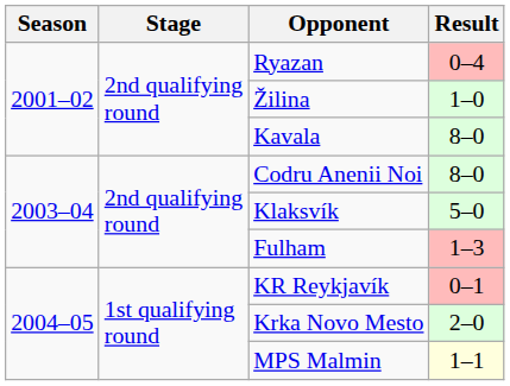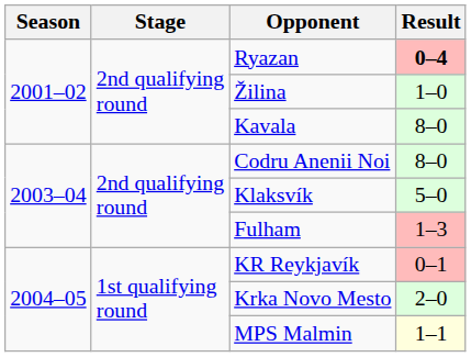 <table class="wikitable">
 <tr>
 <th>Season</th>
 <th>Stage</th>
 <th>Opponent</th>
 <th>Result</th>
 </tr>
 <tr>
 <td rowspan=3><a href='#'>2001–02</a></td>
 <td rowspan=3><a href='#'>2nd qualifying<br>round</a></td>
 <td> <a href='#'>Ryazan</a></td>
-<td bgcolor="#ffbbbb" align=center>0–4</td>
+<td bgcolor="#ffbbbb" align=center><strong>0–4</strong></td>
 </tr>
 <tr>
 <td> <a href='#'>Žilina</a></td>
 <td bgcolor="#ddffdd" align=center>1–0</td>
 </tr>
 <tr>
 <td> <a href='#'>Kavala</a></td>
 <td bgcolor="#ddffdd" align=center>8–0</td>
 </tr>
 <tr>
 <td rowspan=3><a href='#'>2003–04</a></td>
 <td rowspan=3><a href='#'>2nd qualifying<br>round</a></td>
 <td> <a href='#'>Codru Anenii Noi</a></td>
 <td bgcolor="#ddffdd" align=center>8–0</td>
 </tr>
 <tr>
 <td> <a href='#'>Klaksvík</a></td>
 <td bgcolor="#ddffdd" align=center>5–0</td>
 </tr>
 <tr>
 <td> <a href='#'>Fulham</a></td>
 <td bgcolor="#ffbbbb" align=center>1–3</td>
 </tr>
 <tr>
 <td rowspan=3><a href='#'>2004–05</a></td>
 <td rowspan=3><a href='#'>1st qualifying<br>round</a></td>
 <td> <a href='#'>KR Reykjavík</a></td>
 <td bgcolor="#ffbbbb" align=center>0–1</td>
 </tr>
 <tr>
 <td> <a href='#'>Krka Novo Mesto</a></td>
 <td bgcolor="#ddffdd" align=center>2–0</td>
 </tr>
 <tr>
 <td> <a href='#'>MPS Malmin</a></td>
 <td bgcolor="#ffffdd" align=center>1–1</td>
 </tr>
 </table>
